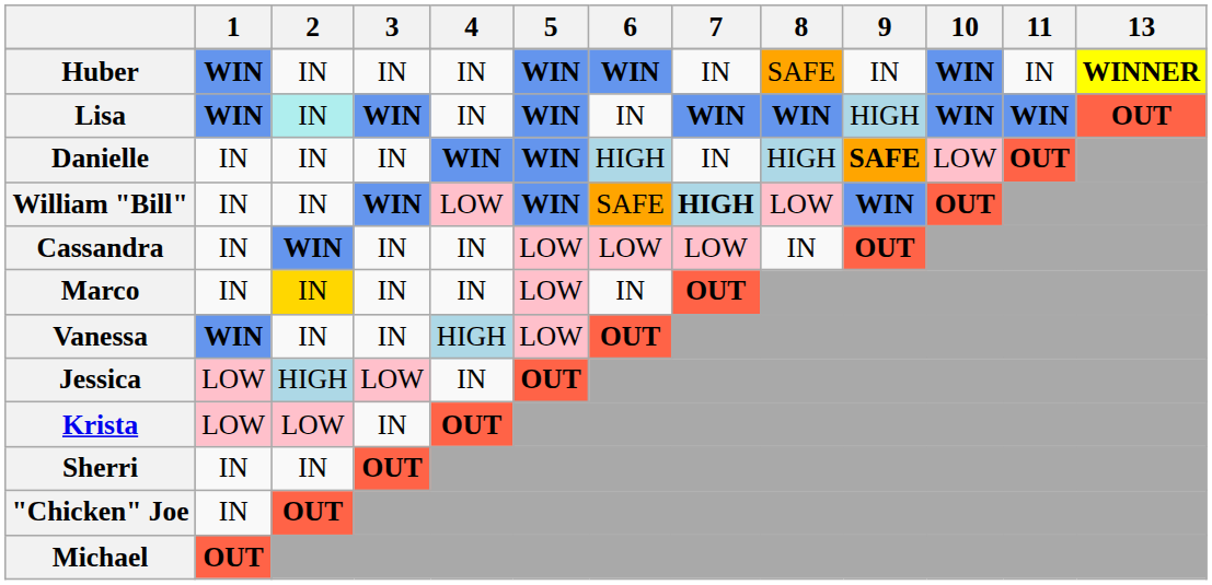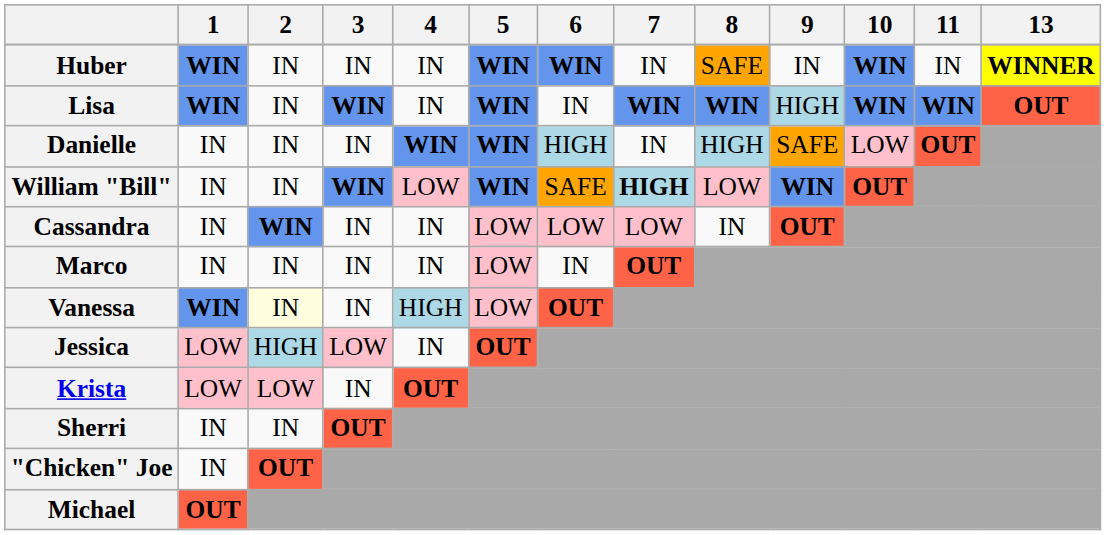 <table class="wikitable" style="text-align:center">
 <tr>
 <th></th>
 <th>1</th>
 <th>2</th>
 <th>3</th>
 <th>4</th>
 <th>5</th>
 <th>6</th>
 <th>7</th>
 <th>8</th>
 <th>9</th>
 <th>10</th>
 <th>11</th>
 <th>13</th>
 </tr>
 <tr>
 </tr>
 <tr>
 <th>Huber</th>
 <td style="background:cornflowerblue;"><strong>WIN</strong></td>
 <td>IN</td>
 <td>IN</td>
 <td>IN</td>
 <td style="background:cornflowerblue;"><strong>WIN</strong></td>
 <td style="background:cornflowerblue;"><strong>WIN</strong></td>
 <td>IN</td>
 <td style="background:orange">SAFE </td>
 <td>IN </td>
 <td style="background:cornflowerblue;"><strong>WIN</strong></td>
 <td>IN</td>
 <td style="background:yellow;"><strong>WINNER</strong></td>
 </tr>
 <tr>
 <th>Lisa</th>
 <td style="background:cornflowerblue;"><strong>WIN</strong></td>
-<td style="background: paleturquoise;">IN</td>
+<td>IN</td>
 <td style="background:cornflowerblue;"><strong>WIN</strong></td>
 <td>IN</td>
 <td style="background:cornflowerblue;"><strong>WIN</strong></td>
 <td>IN</td>
 <td style="background:cornflowerblue;"><strong>WIN</strong></td>
 <td style="background:cornflowerblue;"><strong>WIN</strong></td>
 <td style="background:lightblue;">HIGH</td>
 <td style="background:cornflowerblue;"><strong>WIN</strong></td>
 <td style="background:cornflowerblue;"><strong>WIN</strong></td>
 <td style="background:tomato;"><strong>OUT</strong></td>
 </tr>
 <tr>
 <th>Danielle</th>
 <td>IN</td>
 <td>IN</td>
 <td>IN</td>
 <td style="background:cornflowerblue;"><strong>WIN</strong></td>
 <td style="background:cornflowerblue;"><strong>WIN</strong></td>
 <td style="background:lightblue;">HIGH</td>
 <td>IN</td>
 <td style="background:lightblue;">HIGH</td>
-<td style="background:orange;"><strong>SAFE </strong></td>
+<td style="background:orange;">SAFE </td>
 <td style="background:pink;">LOW</td>
 <td style="background:tomato;"><strong>OUT</strong></td>
 <td colspan=1 style="background:darkgray;"></td>
 </tr>
 <tr>
 <th>William "Bill"</th>
 <td>IN</td>
 <td>IN</td>
 <td style="background:cornflowerblue;"><strong>WIN</strong></td>
 <td style="background:pink;">LOW</td>
 <td style="background:cornflowerblue;"><strong>WIN</strong></td>
 <td style="background:orange">SAFE </td>
 <td style="background:lightblue"><strong>HIGH</strong></td>
 <td style="background:pink;">LOW</td>
 <td style="background:cornflowerblue;"><strong>WIN</strong></td>
 <td style="background:tomato;"><strong>OUT</strong></td>
 <td colspan=2 style="background:darkgray;"></td>
 </tr>
 <tr>
 <th>Cassandra</th>
 <td>IN</td>
 <td style="background:cornflowerblue;"><strong>WIN</strong></td>
 <td>IN</td>
 <td>IN</td>
 <td style="background:pink;">LOW</td>
 <td style="background:pink;">LOW</td>
 <td style="background:pink;">LOW</td>
 <td>IN</td>
 <td style="background:tomato;"><strong>OUT</strong></td>
 <td colspan=3 style="background:darkgray;"></td>
 </tr>
 <tr>
 <th>Marco</th>
 <td>IN</td>
-<td style="background: gold;">IN</td>
+<td>IN</td>
 <td>IN</td>
 <td>IN</td>
 <td style="background:pink;">LOW</td>
 <td>IN</td>
 <td style="background:tomato;"><strong>OUT</strong></td>
 <td colspan=10 style="background:darkgray;"></td>
 </tr>
 <tr>
 <th>Vanessa</th>
 <td style="background:cornflowerblue;"><strong>WIN</strong></td>
-<td>IN</td>
+<td style="background: lightyellow;">IN</td>
 <td>IN</td>
 <td style="background:lightblue;">HIGH</td>
 <td style="background:pink;">LOW</td>
 <td style="background:tomato;"><strong>OUT</strong></td>
 <td colspan=10 style="background:darkgray;"></td>
 </tr>
 <tr>
 <th>Jessica</th>
 <td style="background:pink;">LOW</td>
 <td style="background:lightblue;">HIGH</td>
 <td style="background:pink;">LOW</td>
 <td>IN</td>
 <td style="background:tomato;"><strong>OUT</strong></td>
 <td colspan=10 style="background:darkgray;"></td>
 </tr>
 <tr>
 <th><a href='#'>Krista</a></th>
 <td style="background:pink;">LOW</td>
 <td style="background:pink;">LOW</td>
 <td>IN</td>
 <td style="background:tomato;"><strong>OUT</strong></td>
 <td colspan=10 style="background:darkgray;"></td>
 </tr>
 <tr>
 <th>Sherri</th>
 <td>IN</td>
 <td>IN</td>
 <td style="background:tomato;"><strong>OUT</strong></td>
 <td colspan=10 style="background:darkgray;"></td>
 </tr>
 <tr>
 <th>"Chicken" Joe</th>
 <td>IN</td>
 <td style="background:tomato;"><strong>OUT</strong></td>
 <td colspan=10 style="background:darkgray;"></td>
 </tr>
 <tr>
 <th>Michael</th>
 <td style="background:tomato;"><strong>OUT</strong></td>
 <td colspan=11 style="background:darkgray;"></td>
 </tr>
 </table>
